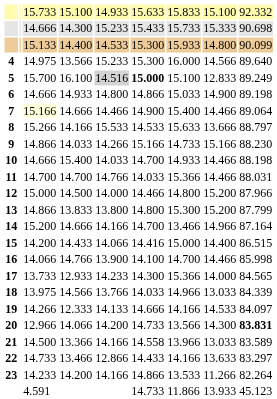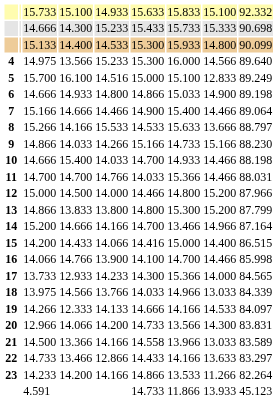 <table>
 <tr style="background:#fffcaf;">
 <th scope=row style="text-align:center"></th>
 <td align=left></td>
 <td>15.733</td>
 <td>15.100</td>
 <td>14.933</td>
 <td>15.633</td>
 <td>15.833</td>
 <td>15.100</td>
 <td>92.332</td>
 </tr>
 <tr style="background:#e5e5e5;">
 <th scope=row style="text-align:center"></th>
 <td align=left></td>
 <td>14.666</td>
 <td>14.300</td>
 <td>15.233</td>
 <td>15.433</td>
 <td>15.733</td>
 <td>15.333</td>
 <td>90.698</td>
 </tr>
 <tr style="background:#ec9;">
 <th scope=row style="text-align:center"></th>
 <td align=left></td>
 <td>15.133</td>
 <td>14.400</td>
 <td>14.533</td>
 <td>15.300</td>
 <td>15.933</td>
 <td>14.800</td>
 <td>90.099</td>
 </tr>
 <tr>
 <th scope=row style="text-align:center">4</th>
 <td align=left></td>
 <td>14.975</td>
 <td>13.566</td>
 <td>15.233</td>
 <td>15.300</td>
 <td>16.000</td>
 <td>14.566</td>
 <td>89.640</td>
 </tr>
 <tr>
 <th scope=row style="text-align:center">5</th>
 <td align=left></td>
 <td>15.700</td>
 <td>16.100</td>
-<td style="background: lightgrey;">14.516</td>
-<td><strong>15.000</strong></td>
+<td>14.516</td>
+<td>15.000</td>
 <td>15.100</td>
 <td>12.833</td>
 <td>89.249</td>
 </tr>
 <tr>
 <th scope=row style="text-align:center">6</th>
 <td align=left></td>
 <td>14.666</td>
 <td>14.933</td>
 <td>14.800</td>
 <td>14.866</td>
 <td>15.033</td>
 <td>14.900</td>
 <td>89.198</td>
 </tr>
 <tr>
 <th scope=row style="text-align:center">7</th>
 <td align=left></td>
-<td style="background: lightyellow;">15.166</td>
+<td>15.166</td>
 <td>14.666</td>
 <td>14.466</td>
 <td>14.900</td>
 <td>15.400</td>
 <td>14.466</td>
 <td>89.064</td>
 </tr>
 <tr>
 <th scope=row style="text-align:center">8</th>
 <td align=left></td>
 <td>15.266</td>
 <td>14.166</td>
 <td>15.533</td>
 <td>14.533</td>
 <td>15.633</td>
 <td>13.666</td>
 <td>88.797</td>
 </tr>
 <tr>
 <th scope=row style="text-align:center">9</th>
 <td align=left></td>
 <td>14.866</td>
 <td>14.033</td>
 <td>14.266</td>
 <td>15.166</td>
 <td>14.733</td>
 <td>15.166</td>
 <td>88.230</td>
 </tr>
 <tr>
 <th scope=row style="text-align:center">10</th>
 <td align=left></td>
 <td>14.666</td>
 <td>15.400</td>
 <td>14.033</td>
 <td>14.700</td>
 <td>14.933</td>
 <td>14.466</td>
 <td>88.198</td>
 </tr>
 <tr>
 <th scope=row style="text-align:center">11</th>
 <td align=left></td>
 <td>14.700</td>
 <td>14.700</td>
 <td>14.766</td>
 <td>14.033</td>
 <td>15.366</td>
 <td>14.466</td>
 <td>88.031</td>
 </tr>
 <tr>
 <th scope=row style="text-align:center">12</th>
 <td align=left></td>
 <td>15.000</td>
 <td>14.500</td>
 <td>14.000</td>
 <td>14.466</td>
 <td>14.800</td>
 <td>15.200</td>
 <td>87.966</td>
 </tr>
 <tr>
 <th scope=row style="text-align:center">13</th>
 <td align=left></td>
 <td>14.866</td>
 <td>13.833</td>
 <td>13.800</td>
 <td>14.800</td>
 <td>15.300</td>
 <td>15.200</td>
 <td>87.799</td>
 </tr>
 <tr>
 <th scope=row style="text-align:center">14</th>
 <td align=left></td>
 <td>15.200</td>
 <td>14.666</td>
 <td>14.166</td>
 <td>14.700</td>
 <td>13.466</td>
 <td>14.966</td>
 <td>87.164</td>
 </tr>
 <tr>
 <th scope=row style="text-align:center">15</th>
 <td align=left></td>
 <td>14.200</td>
 <td>14.433</td>
 <td>14.066</td>
 <td>14.416</td>
 <td>15.000</td>
 <td>14.400</td>
 <td>86.515</td>
 </tr>
 <tr>
 <th scope=row style="text-align:center">16</th>
 <td align=left></td>
 <td>14.066</td>
 <td>14.766</td>
 <td>13.900</td>
 <td>14.100</td>
 <td>14.700</td>
 <td>14.466</td>
 <td>85.998</td>
 </tr>
 <tr>
 <th scope=row style="text-align:center">17</th>
 <td align=left></td>
 <td>13.733</td>
 <td>12.933</td>
 <td>14.233</td>
 <td>14.300</td>
 <td>15.366</td>
 <td>14.000</td>
 <td>84.565</td>
 </tr>
 <tr>
 <th scope=row style="text-align:center">18</th>
 <td align=left></td>
 <td>13.975</td>
 <td>14.566</td>
 <td>13.766</td>
 <td>14.033</td>
 <td>14.966</td>
 <td>13.033</td>
 <td>84.339</td>
 </tr>
 <tr>
 <th scope=row style="text-align:center">19</th>
 <td align=left></td>
 <td>14.266</td>
 <td>12.333</td>
 <td>14.133</td>
 <td>14.666</td>
 <td>14.166</td>
 <td>14.533</td>
 <td>84.097</td>
 </tr>
 <tr>
 <th scope=row style="text-align:center">20</th>
 <td align=left></td>
 <td>12.966</td>
 <td>14.066</td>
 <td>14.200</td>
 <td>14.733</td>
 <td>13.566</td>
 <td>14.300</td>
-<td><strong>83.831</strong></td>
+<td>83.831</td>
 </tr>
 <tr>
 <th scope=row style="text-align:center">21</th>
 <td align=left></td>
 <td>14.500</td>
 <td>13.366</td>
 <td>14.166</td>
 <td>14.558</td>
 <td>13.966</td>
 <td>13.033</td>
 <td>83.589</td>
 </tr>
 <tr>
 <th scope=row style="text-align:center">22</th>
 <td align=left></td>
 <td>14.733</td>
 <td>13.466</td>
 <td>12.866</td>
 <td>14.433</td>
 <td>14.166</td>
 <td>13.633</td>
 <td>83.297</td>
 </tr>
 <tr>
 <th scope=row style="text-align:center">23</th>
 <td align=left></td>
 <td>14.233</td>
 <td>14.200</td>
 <td>14.166</td>
 <td>14.866</td>
 <td>13.533</td>
 <td>11.266</td>
 <td>82.264</td>
 </tr>
 <tr>
 <th scope=row style="text-align:center"></th>
 <td align=left></td>
 <td>4.591</td>
 <td></td>
 <td></td>
 <td>14.733</td>
 <td>11.866</td>
 <td>13.933</td>
 <td>45.123</td>
 </tr>
 </table>
